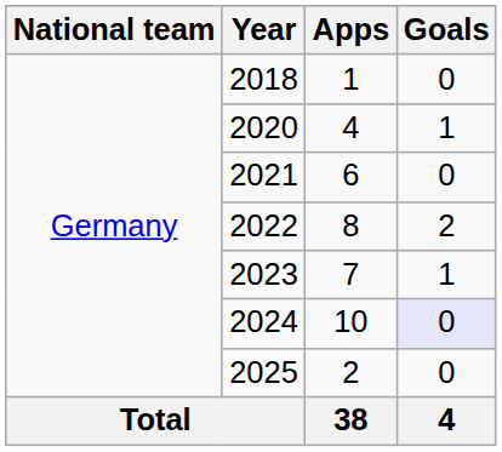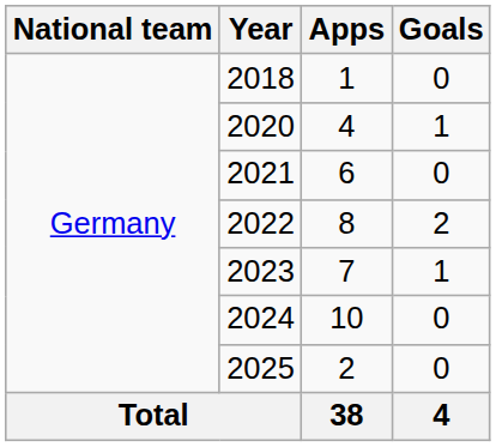 <table class="wikitable" style="text-align:center">
 <tr>
 <th>National team</th>
 <th>Year</th>
 <th>Apps</th>
 <th>Goals</th>
 </tr>
 <tr>
 <td rowspan="7"><a href='#'>Germany</a></td>
 <td>2018</td>
 <td>1</td>
 <td>0</td>
 </tr>
 <tr>
 <td>2020</td>
 <td>4</td>
 <td>1</td>
 </tr>
 <tr>
 <td>2021</td>
 <td>6</td>
 <td>0</td>
 </tr>
 <tr>
 <td>2022</td>
 <td>8</td>
 <td>2</td>
 </tr>
 <tr>
 <td>2023</td>
 <td>7</td>
 <td>1</td>
 </tr>
 <tr>
 <td>2024</td>
 <td>10</td>
-<td style="background: lavender;">0</td>
+<td>0</td>
 </tr>
 <tr>
 <td>2025</td>
 <td>2</td>
 <td>0</td>
 </tr>
 <tr>
 <th colspan="2">Total</th>
 <th>38</th>
 <th>4</th>
 </tr>
 </table>
